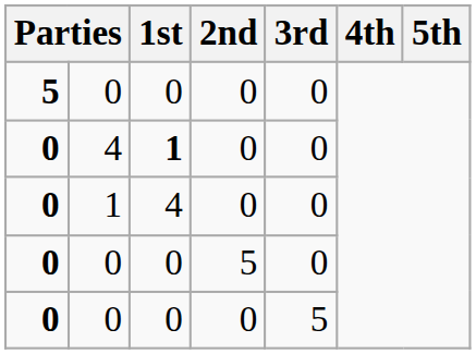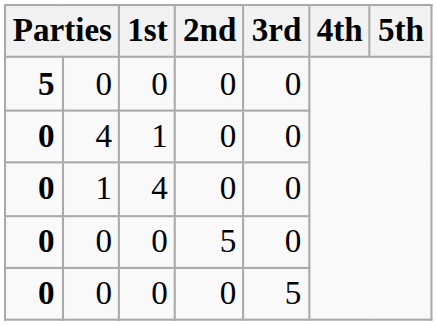 <table class="wikitable" style="text-align:right;">
 <tr>
 <th colspan=2 style="text-align:left;">Parties</th>
 <th>1st</th>
 <th>2nd</th>
 <th>3rd</th>
 <th>4th</th>
 <th>5th</th>
 </tr>
 <tr>
 <td><strong>5</strong></td>
 <td>0</td>
 <td>0</td>
 <td>0</td>
 <td>0</td>
 </tr>
 <tr>
 <td><strong>0</strong></td>
 <td>4</td>
-<td><strong>1</strong></td>
+<td>1</td>
 <td>0</td>
 <td>0</td>
 </tr>
 <tr>
 <td><strong>0</strong></td>
 <td>1</td>
 <td>4</td>
 <td>0</td>
 <td>0</td>
 </tr>
 <tr>
 <td><strong>0</strong></td>
 <td>0</td>
 <td>0</td>
 <td>5</td>
 <td>0</td>
 </tr>
 <tr>
 <td><strong>0</strong></td>
 <td>0</td>
 <td>0</td>
 <td>0</td>
 <td>5</td>
 </tr>
 </table>
